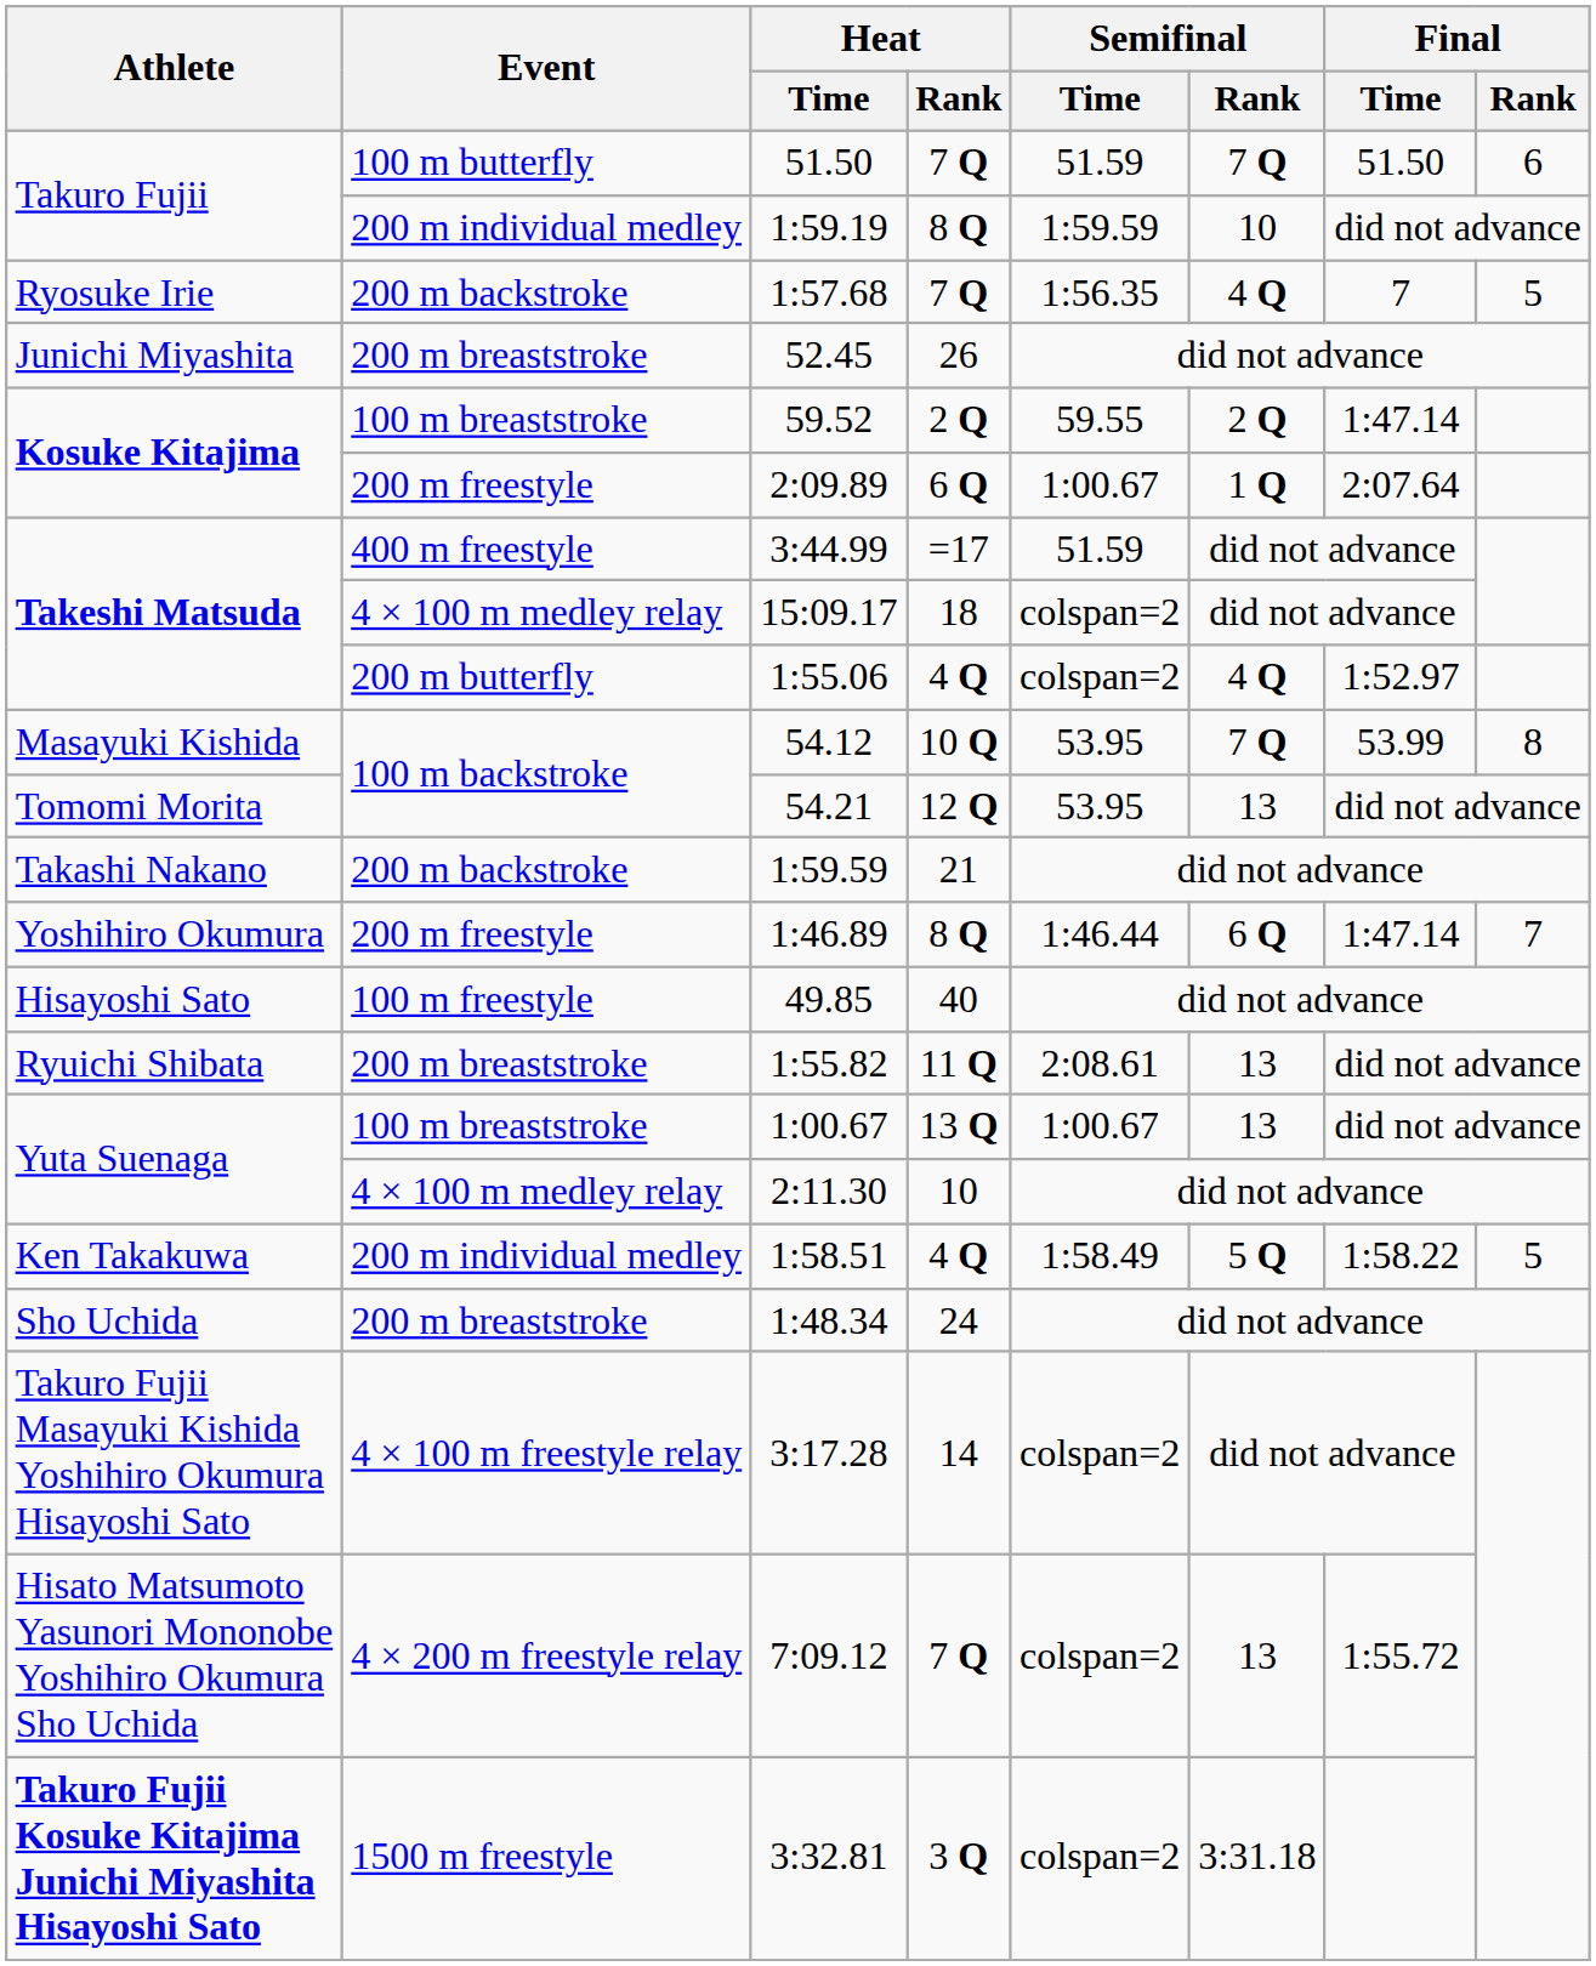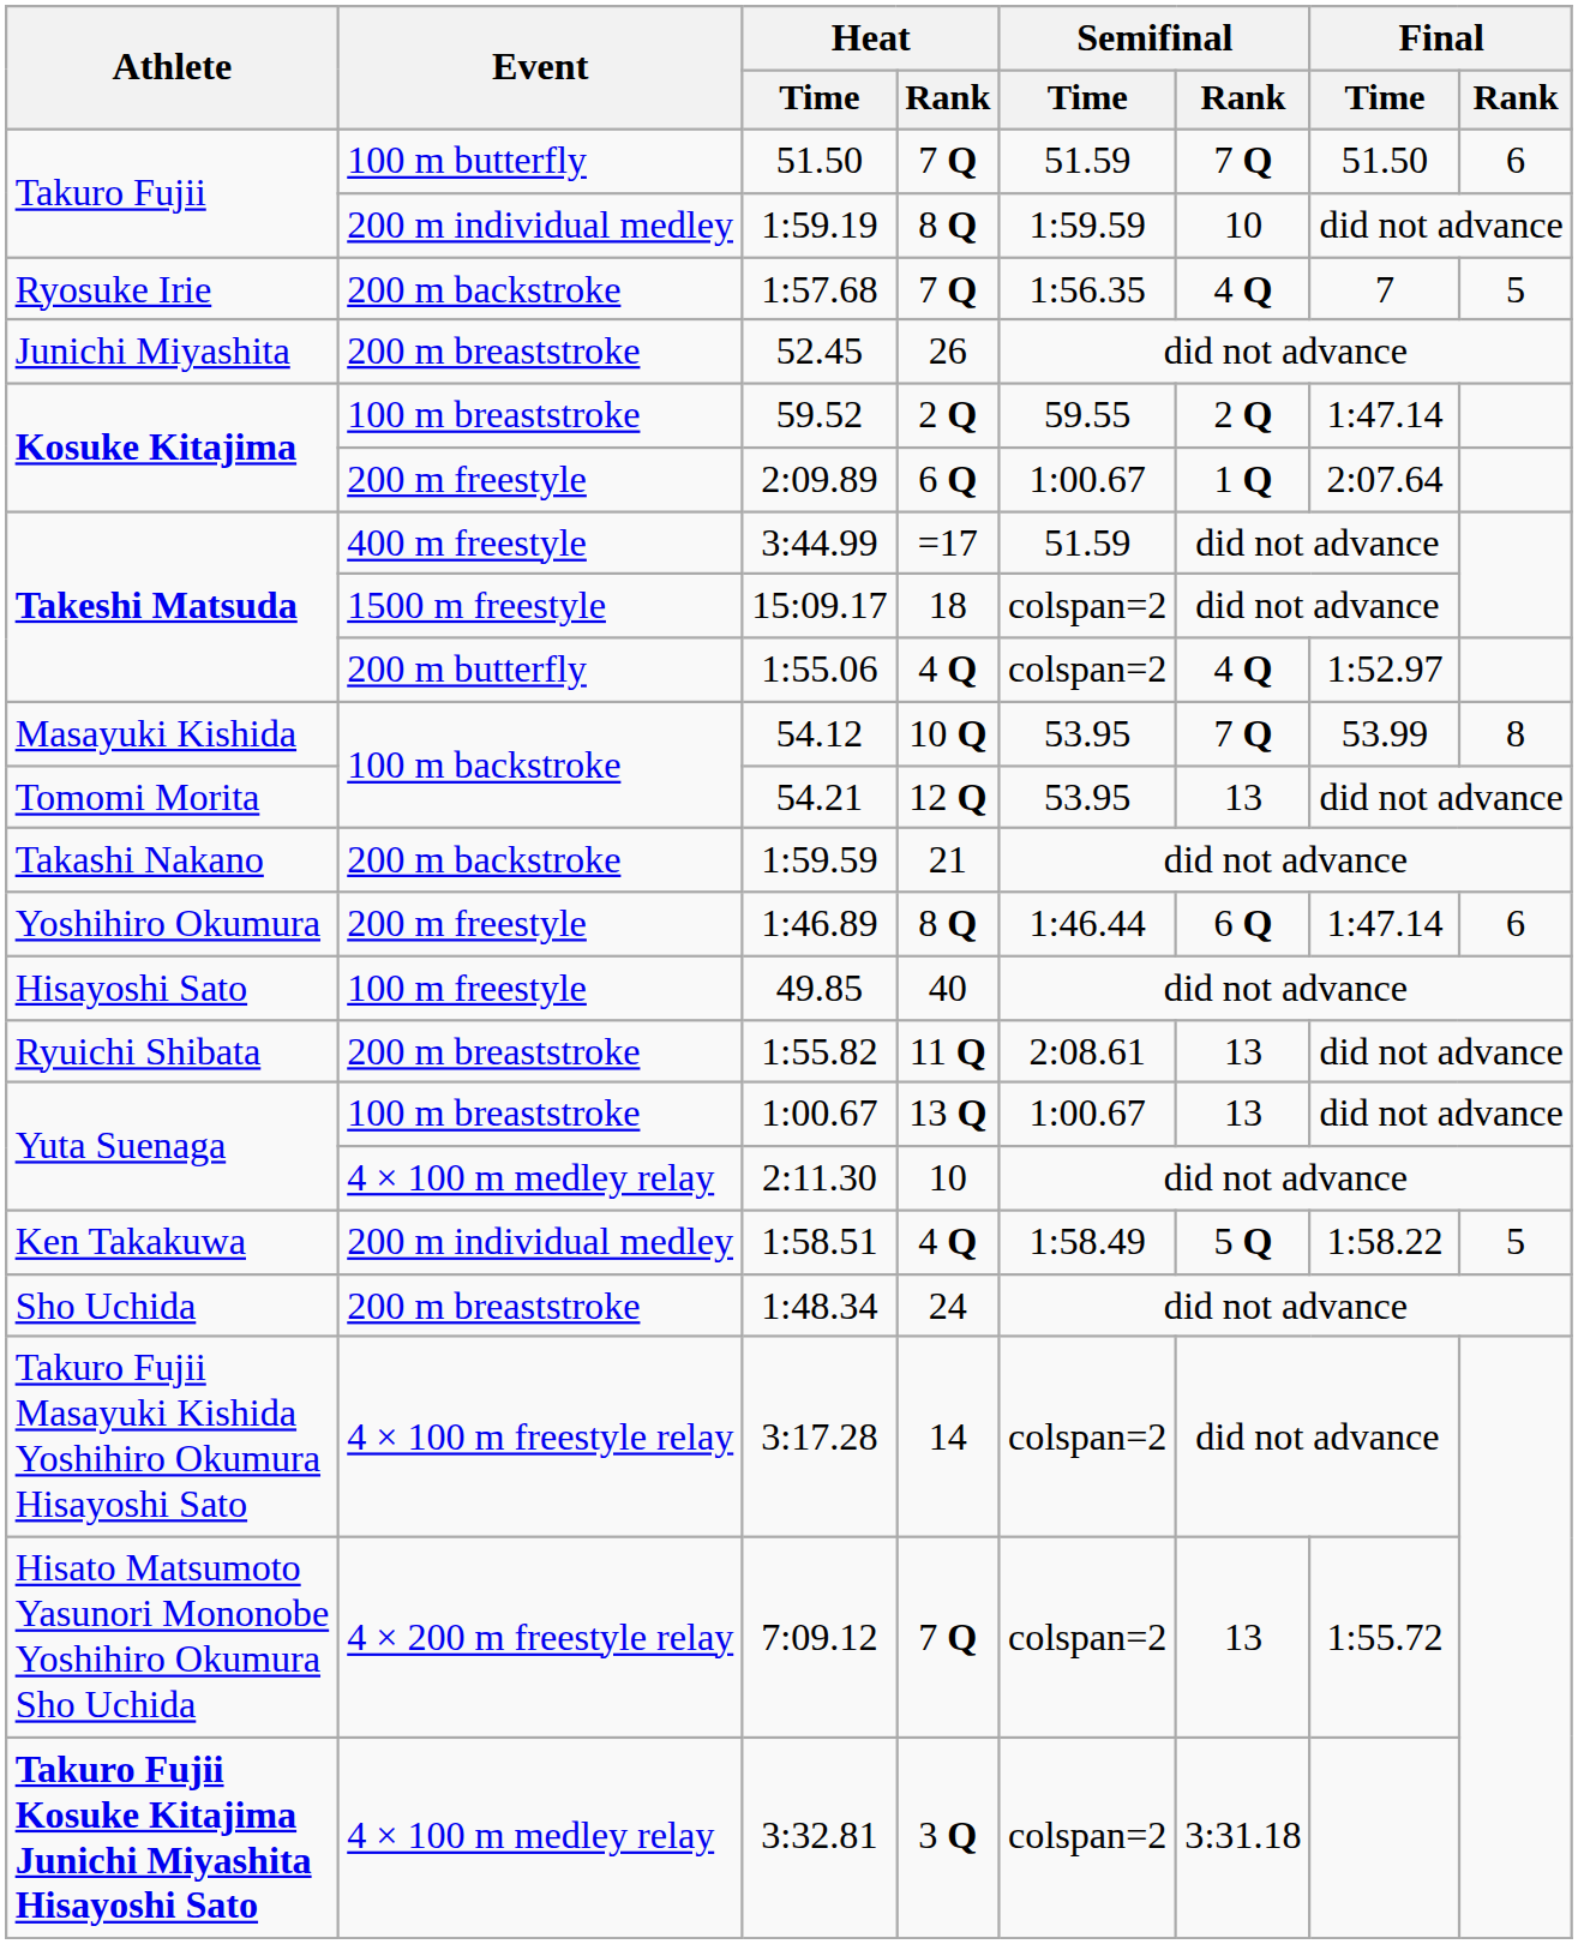 <table class=wikitable style="font-size:90%">
 <tr>
 <th rowspan="2">Athlete</th>
 <th rowspan="2">Event</th>
 <th colspan="2">Heat</th>
 <th colspan="2">Semifinal</th>
 <th colspan="2">Final</th>
 </tr>
 <tr style="font-size:95%">
 <th>Time</th>
 <th>Rank</th>
 <th>Time</th>
 <th>Rank</th>
 <th>Time</th>
 <th>Rank</th>
 </tr>
 <tr align=center>
 <td align=left rowspan=2><a href='#'>Takuro Fujii</a></td>
 <td align=left><a href='#'>100 m butterfly</a></td>
 <td>51.50</td>
 <td>7 <strong>Q</strong></td>
 <td>51.59</td>
 <td>7 <strong>Q</strong></td>
 <td>51.50</td>
 <td>6</td>
 </tr>
 <tr align=center>
 <td align=left><a href='#'>200 m individual medley</a></td>
 <td>1:59.19</td>
 <td>8 <strong>Q</strong></td>
 <td>1:59.59</td>
 <td>10</td>
 <td colspan=2>did not advance</td>
 </tr>
 <tr align=center>
 <td align=left><a href='#'>Ryosuke Irie</a></td>
 <td align=left><a href='#'>200 m backstroke</a></td>
 <td>1:57.68</td>
 <td>7 <strong>Q</strong></td>
 <td>1:56.35</td>
 <td>4 <strong>Q</strong></td>
 <td>7</td>
 <td>5</td>
 </tr>
 <tr align=center>
 <td align=left><a href='#'>Junichi Miyashita</a></td>
 <td align=left><a href='#'>200 m breaststroke</a></td>
 <td>52.45</td>
 <td>26</td>
 <td colspan=4>did not advance</td>
 </tr>
 <tr align=center>
 <td align=left rowspan=2><strong><a href='#'>Kosuke Kitajima</a></strong></td>
 <td align=left><a href='#'>100 m breaststroke</a></td>
 <td>59.52</td>
 <td>2 <strong>Q</strong></td>
 <td>59.55</td>
 <td>2 <strong>Q</strong></td>
 <td>1:47.14</td>
 <td></td>
 </tr>
 <tr align=center>
 <td align=left><a href='#'>200 m freestyle</a></td>
 <td>2:09.89</td>
 <td>6 <strong>Q</strong></td>
 <td>1:00.67</td>
 <td>1 <strong>Q</strong></td>
 <td>2:07.64 </td>
 <td></td>
 </tr>
 <tr align=center>
 <td align=left rowspan=3><strong><a href='#'>Takeshi Matsuda</a></strong></td>
 <td align=left><a href='#'>400 m freestyle</a></td>
 <td>3:44.99</td>
 <td>=17</td>
 <td>51.59</td>
 <td colspan=2>did not advance</td>
 </tr>
 <tr align=center>
-<td align=left><a href='#'>4 × 100 m medley relay</a></td>
+<td align=left><a href='#'>1500 m freestyle</a></td>
 <td>15:09.17</td>
 <td>18</td>
 <td>colspan=2 </td>
 <td colspan=2>did not advance</td>
 </tr>
 <tr align=center>
 <td align=left><a href='#'>200 m butterfly</a></td>
 <td>1:55.06</td>
 <td>4 <strong>Q</strong></td>
 <td>colspan=2 </td>
 <td>4 <strong>Q</strong></td>
 <td>1:52.97</td>
 <td></td>
 </tr>
 <tr align=center>
 <td align=left><a href='#'>Masayuki Kishida</a></td>
 <td align=left rowspan=2><a href='#'>100 m backstroke</a></td>
 <td>54.12</td>
 <td>10 <strong>Q</strong></td>
 <td>53.95</td>
 <td>7 <strong>Q</strong></td>
 <td>53.99</td>
 <td>8</td>
 </tr>
 <tr align=center>
 <td align=left><a href='#'>Tomomi Morita</a></td>
 <td>54.21</td>
 <td>12 <strong>Q</strong></td>
 <td>53.95</td>
 <td>13</td>
 <td colspan=2>did not advance</td>
 </tr>
 <tr align=center>
 <td align=left><a href='#'>Takashi Nakano</a></td>
 <td align=left><a href='#'>200 m backstroke</a></td>
 <td>1:59.59</td>
 <td>21</td>
 <td colspan=4>did not advance</td>
 </tr>
 <tr align=center>
 <td align=left><a href='#'>Yoshihiro Okumura</a></td>
 <td align=left><a href='#'>200 m freestyle</a></td>
 <td>1:46.89</td>
 <td>8 <strong>Q</strong></td>
 <td>1:46.44</td>
 <td>6 <strong>Q</strong></td>
 <td>1:47.14</td>
-<td>7</td>
+<td>6</td>
 </tr>
 <tr align=center>
 <td align=left><a href='#'>Hisayoshi Sato</a></td>
 <td align=left><a href='#'>100 m freestyle</a></td>
 <td>49.85</td>
 <td>40</td>
 <td colspan=4>did not advance</td>
 </tr>
 <tr align=center>
 <td align=left><a href='#'>Ryuichi Shibata</a></td>
 <td align=left><a href='#'>200 m breaststroke</a></td>
 <td>1:55.82</td>
 <td>11 <strong>Q</strong></td>
 <td>2:08.61 </td>
 <td>13</td>
 <td colspan=2>did not advance</td>
 </tr>
 <tr align=center>
 <td style="text-align:left;" rowspan="2"><a href='#'>Yuta Suenaga</a></td>
 <td align=left><a href='#'>100 m breaststroke</a></td>
 <td>1:00.67</td>
 <td>13 <strong>Q</strong></td>
 <td>1:00.67</td>
 <td>13</td>
 <td colspan=2>did not advance</td>
 </tr>
 <tr align=center>
 <td align=left><a href='#'>4 × 100 m medley relay</a></td>
 <td>2:11.30</td>
 <td>10</td>
 <td colspan=4>did not advance</td>
 </tr>
 <tr align=center>
 <td align=left><a href='#'>Ken Takakuwa</a></td>
 <td align=left><a href='#'>200 m individual medley</a></td>
 <td>1:58.51</td>
 <td>4 <strong>Q</strong></td>
 <td>1:58.49</td>
 <td>5 <strong>Q</strong></td>
 <td>1:58.22</td>
 <td>5</td>
 </tr>
 <tr align=center>
 <td align=left><a href='#'>Sho Uchida</a></td>
 <td align=left><a href='#'>200 m breaststroke</a></td>
 <td>1:48.34</td>
 <td>24</td>
 <td colspan=4>did not advance</td>
 </tr>
 <tr align=center>
 <td align=left><a href='#'>Takuro Fujii</a><br><a href='#'>Masayuki Kishida</a><br><a href='#'>Yoshihiro Okumura</a><br><a href='#'>Hisayoshi Sato</a></td>
 <td align=left><a href='#'>4 × 100 m freestyle relay</a></td>
 <td>3:17.28</td>
 <td>14</td>
 <td>colspan=2 </td>
 <td colspan=2>did not advance</td>
 </tr>
 <tr align=center>
 <td align=left><a href='#'>Hisato Matsumoto</a><br><a href='#'>Yasunori Mononobe</a><br><a href='#'>Yoshihiro Okumura</a><br><a href='#'>Sho Uchida</a></td>
 <td align=left><a href='#'>4 × 200 m freestyle relay</a></td>
 <td>7:09.12</td>
 <td>7 <strong>Q</strong></td>
 <td>colspan=2 </td>
 <td>13</td>
 <td>1:55.72</td>
 </tr>
 <tr align=center>
 <td align=left><strong><a href='#'>Takuro Fujii</a><br><a href='#'>Kosuke Kitajima</a><br><a href='#'>Junichi Miyashita</a><br><a href='#'>Hisayoshi Sato</a></strong></td>
-<td align=left><a href='#'>1500 m freestyle</a></td>
+<td align=left><a href='#'>4 × 100 m medley relay</a></td>
 <td>3:32.81</td>
 <td>3 <strong>Q</strong></td>
 <td>colspan=2 </td>
 <td>3:31.18</td>
 <td></td>
 </tr>
 </table>
